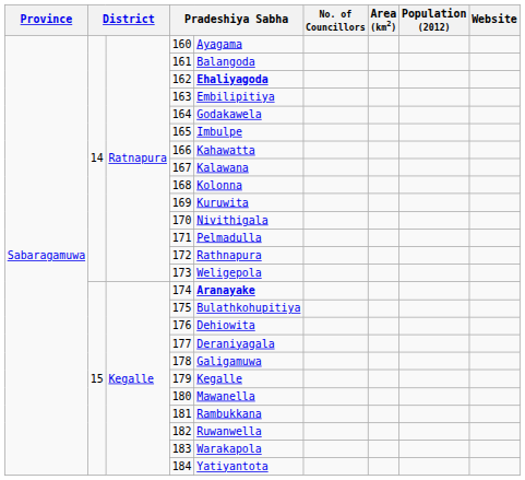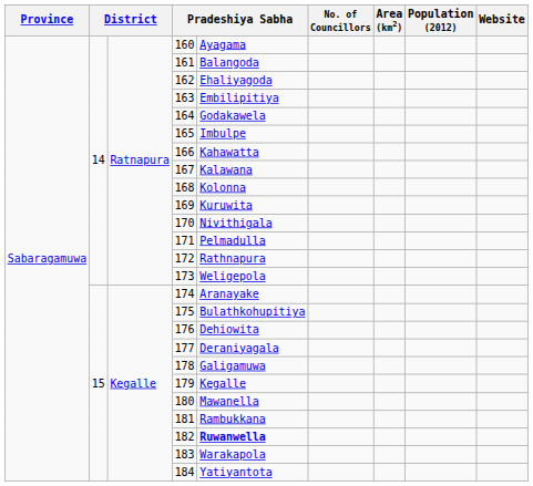 <table class="wikitable sortable">
 <tr>
 <th><a href='#'>Province</a></th>
 <th colspan="2"><a href='#'>District</a></th>
 <th colspan="2">Pradeshiya Sabha</th>
 <th><small>No. of<br>Councillors</small></th>
 <th>Area <small>(km<sup>2</sup>)</small><br></th>
 <th>Population<br><small>(2012)</small></th>
 <th>Website</th>
 </tr>
 <tr>
 <td rowspan="25"><a href='#'>Sabaragamuwa</a></td>
 <td rowspan="14">14</td>
 <td rowspan="14"><a href='#'>Ratnapura</a></td>
 <td>160</td>
 <td><a href='#'>Ayagama</a></td>
 <td></td>
 <td></td>
 <td></td>
 <td></td>
 </tr>
 <tr>
 <td>161</td>
 <td><a href='#'>Balangoda</a></td>
 <td></td>
 <td></td>
 <td></td>
 <td></td>
 </tr>
 <tr>
 <td>162</td>
-<td><strong><a href='#'>Ehaliyagoda</a></strong></td>
+<td><a href='#'>Ehaliyagoda</a></td>
 <td></td>
 <td></td>
 <td></td>
 <td></td>
 </tr>
 <tr>
 <td>163</td>
 <td><a href='#'>Embilipitiya</a></td>
 <td></td>
 <td></td>
 <td></td>
 <td></td>
 </tr>
 <tr>
 <td>164</td>
 <td><a href='#'>Godakawela</a></td>
 <td></td>
 <td></td>
 <td></td>
 <td></td>
 </tr>
 <tr>
 <td>165</td>
 <td><a href='#'>Imbulpe</a></td>
 <td></td>
 <td></td>
 <td></td>
 <td></td>
 </tr>
 <tr>
 <td>166</td>
 <td><a href='#'>Kahawatta</a></td>
 <td></td>
 <td></td>
 <td></td>
 <td></td>
 </tr>
 <tr>
 <td>167</td>
 <td><a href='#'>Kalawana</a></td>
 <td></td>
 <td></td>
 <td></td>
 <td></td>
 </tr>
 <tr>
 <td>168</td>
 <td><a href='#'>Kolonna</a></td>
 <td></td>
 <td></td>
 <td></td>
 <td></td>
 </tr>
 <tr>
 <td>169</td>
 <td><a href='#'>Kuruwita</a></td>
 <td></td>
 <td></td>
 <td></td>
 <td></td>
 </tr>
 <tr>
 <td>170</td>
 <td><a href='#'>Nivithigala</a></td>
 <td></td>
 <td></td>
 <td></td>
 <td></td>
 </tr>
 <tr>
 <td>171</td>
 <td><a href='#'>Pelmadulla</a></td>
 <td></td>
 <td></td>
 <td></td>
 <td></td>
 </tr>
 <tr>
 <td>172</td>
 <td><a href='#'>Rathnapura</a></td>
 <td></td>
 <td></td>
 <td></td>
 <td></td>
 </tr>
 <tr>
 <td>173</td>
 <td><a href='#'>Weligepola</a></td>
 <td></td>
 <td></td>
 <td></td>
 <td></td>
 </tr>
 <tr>
 <td rowspan="11">15</td>
 <td rowspan="11"><a href='#'>Kegalle</a></td>
 <td>174</td>
-<td><strong><a href='#'>Aranayake</a></strong></td>
+<td><a href='#'>Aranayake</a></td>
 <td></td>
 <td></td>
 <td></td>
 <td></td>
 </tr>
 <tr>
 <td>175</td>
 <td><a href='#'>Bulathkohupitiya</a></td>
 <td></td>
 <td></td>
 <td></td>
 <td></td>
 </tr>
 <tr>
 <td>176</td>
 <td><a href='#'>Dehiowita</a></td>
 <td></td>
 <td></td>
 <td></td>
 <td></td>
 </tr>
 <tr>
 <td>177</td>
 <td><a href='#'>Deraniyagala</a></td>
 <td></td>
 <td></td>
 <td></td>
 <td></td>
 </tr>
 <tr>
 <td>178</td>
 <td><a href='#'>Galigamuwa</a></td>
 <td></td>
 <td></td>
 <td></td>
 <td></td>
 </tr>
 <tr>
 <td>179</td>
 <td><a href='#'>Kegalle</a></td>
 <td></td>
 <td></td>
 <td></td>
 <td></td>
 </tr>
 <tr>
 <td>180</td>
 <td><a href='#'>Mawanella</a></td>
 <td></td>
 <td></td>
 <td></td>
 <td></td>
 </tr>
 <tr>
 <td>181</td>
 <td><a href='#'>Rambukkana</a></td>
 <td></td>
 <td></td>
 <td></td>
 <td></td>
 </tr>
 <tr>
 <td>182</td>
-<td><a href='#'>Ruwanwella</a></td>
+<td><strong><a href='#'>Ruwanwella</a></strong></td>
 <td></td>
 <td></td>
 <td></td>
 <td></td>
 </tr>
 <tr>
 <td>183</td>
 <td><a href='#'>Warakapola</a></td>
 <td></td>
 <td></td>
 <td></td>
 <td></td>
 </tr>
 <tr>
 <td>184</td>
 <td><a href='#'>Yatiyantota</a></td>
 <td></td>
 <td></td>
 <td></td>
 <td></td>
 </tr>
 </table>
